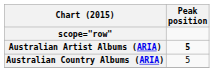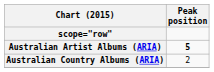 <table class="wikitable sortable plainrowheaders">
 <tr>
 <th scope="col">Chart (2015)</th>
 <th scope="col">Peak<br>position</th>
 </tr>
 <tr>
 <th>scope="row"</th>
 </tr>
 <tr>
 <th scope="row">Australian Artist Albums (<a href='#'>ARIA</a>)</th>
 <td align="center"><strong>5</strong></td>
 </tr>
 <tr>
 <th scope="row">Australian Country Albums (<a href='#'>ARIA</a>)</th>
-<td align="center">5</td>
+<td align="center">2</td>
 </tr>
 <tr>
 </tr>
 </table>
